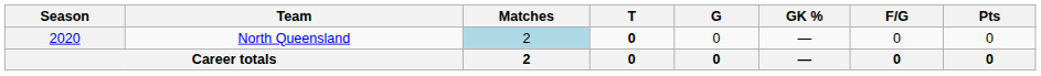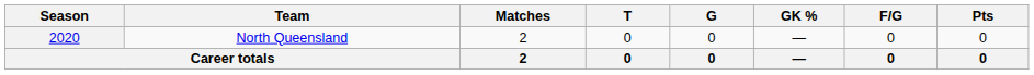 <table class="wikitable sortable"  style="font-size:90%; text-align:center; width:85%;">
 <tr>
 <th width=2%>Season</th>
 <th width=8%>Team</th>
 <th width=2%>Matches</th>
 <th width=2%>T</th>
 <th width=2%>G</th>
 <th width=2%>GK %</th>
 <th width=2%>F/G</th>
 <th width=2%>Pts</th>
 </tr>
 <tr>
 <th scope="row" style="text-align:center; font-weight:normal"><a href='#'>2020</a></th>
 <td style="text-align:center;"> <a href='#'>North Queensland</a></td>
-<td style="background: lightblue;">2</td>
-<td><strong>0</strong></td>
+<td>2</td>
+<td>0</td>
 <td>0</td>
 <td>—</td>
 <td>0</td>
 <td>0</td>
 </tr>
 <tr class="sortbottom">
 <th colspan=2>Career totals</th>
 <th>2</th>
 <th>0</th>
 <th>0</th>
 <th>—</th>
 <th>0</th>
 <th>0</th>
 </tr>
 </table>
